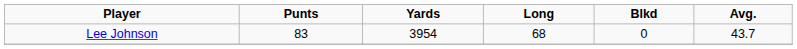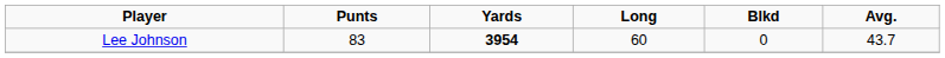 <table class="wikitable" width="80%">
 <tr align="center">
 <td><strong>Player</strong></td>
 <td><strong>Punts</strong></td>
 <td><strong>Yards</strong></td>
 <td><strong>Long</strong></td>
 <td><strong>Blkd</strong></td>
 <td><strong>Avg.</strong></td>
 </tr>
 <tr align="center" bgcolor="">
 <td><a href='#'>Lee Johnson</a></td>
 <td>83</td>
-<td>3954</td>
-<td>68</td>
+<td><strong>3954</strong></td>
+<td>60</td>
 <td>0</td>
 <td>43.7</td>
 </tr>
 <tr align="center" bgcolor="">
 </tr>
 </table>
